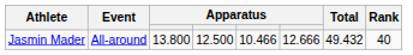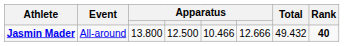 <table class="wikitable" style="font-size:90%">
 <tr>
 <th rowspan=2>Athlete</th>
 <th rowspan=2>Event</th>
 <th colspan =4>Apparatus</th>
 <th rowspan=2>Total</th>
 <th rowspan=2>Rank</th>
 </tr>
 <tr style="font-size:95%">
 <th></th>
 <th></th>
 <th></th>
 <th></th>
 </tr>
 <tr align=center>
-<td align=left><a href='#'>Jasmin Mader</a></td>
+<td align=left><strong><a href='#'>Jasmin Mader</a></strong></td>
 <td align=left><a href='#'>All-around</a></td>
 <td>13.800</td>
 <td>12.500</td>
 <td>10.466</td>
 <td>12.666</td>
 <td>49.432</td>
-<td>40</td>
+<td><strong>40</strong></td>
 </tr>
 </table>
